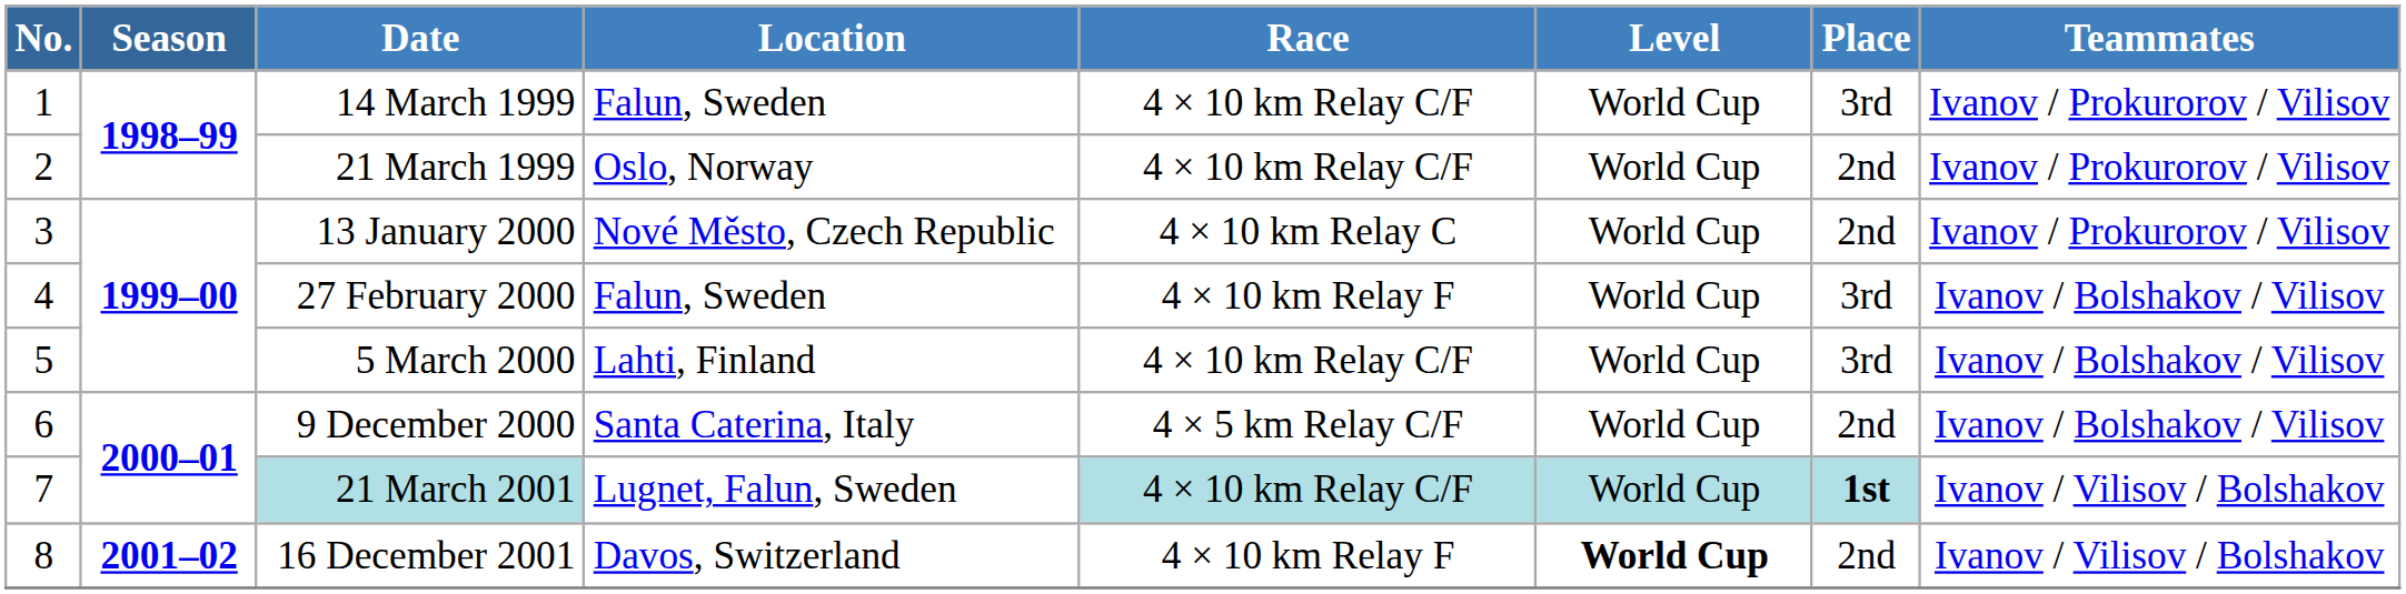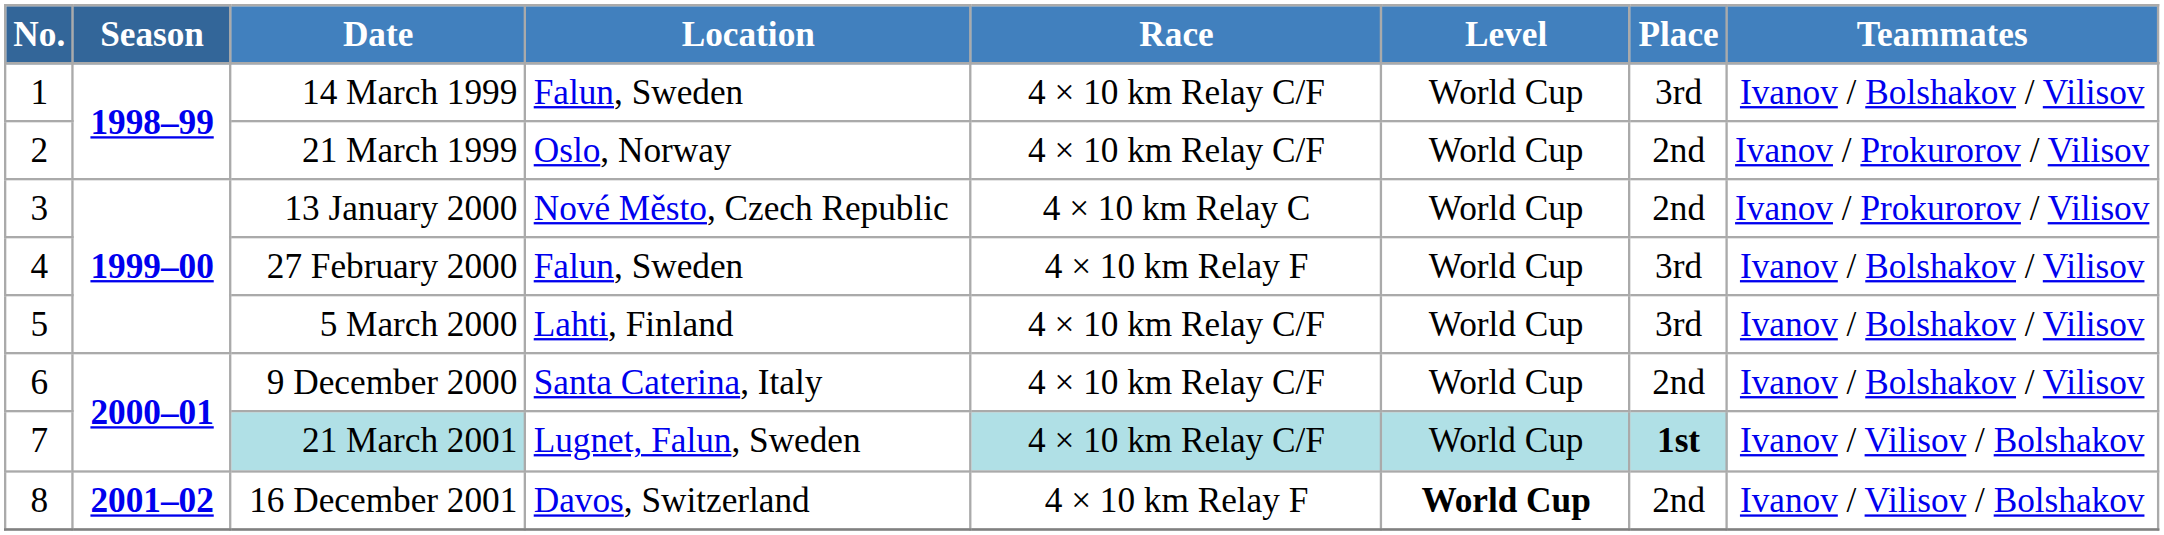 <table class="wikitable sortable" style="font-size:95%; text-align:center; border:grey solid 1px; border-collapse:collapse; background:#ffffff;">
 <tr style="background:#efefef;">
 <th style="background-color:#369; color:white;">No.</th>
 <th style="background-color:#369; color:white;">Season</th>
 <th style="background-color:#4180be; color:white; width:120px;">Date</th>
 <th style="background-color:#4180be; color:white; width:185px;">Location</th>
 <th style="background-color:#4180be; color:white; width:170px;">Race</th>
 <th style="background-color:#4180be; color:white; width:100px;">Level</th>
 <th style="background-color:#4180be; color:white;">Place</th>
 <th style="background-color:#4180be; color:white;">Teammates</th>
 </tr>
 <tr>
 </tr>
 <tr>
 <td align=center>1</td>
 <td rowspan=2 align=center><strong> <a href='#'>1998–99</a> </strong></td>
 <td align=right>14 March 1999</td>
 <td align=left> <a href='#'>Falun</a>, Sweden</td>
 <td>4 × 10 km Relay C/F</td>
 <td>World Cup</td>
 <td>3rd</td>
-<td><a href='#'>Ivanov</a>  / <a href='#'>Prokurorov</a> / <a href='#'>Vilisov</a></td>
+<td><a href='#'>Ivanov</a> / <a href='#'>Bolshakov</a> / <a href='#'>Vilisov</a></td>
 </tr>
 <tr>
 <td align=center>2</td>
 <td align=right>21 March 1999</td>
 <td align=left> <a href='#'>Oslo</a>, Norway</td>
 <td>4 × 10 km Relay C/F</td>
 <td>World Cup</td>
 <td>2nd</td>
 <td><a href='#'>Ivanov</a> / <a href='#'>Prokurorov</a> / <a href='#'>Vilisov</a></td>
 </tr>
 <tr>
 <td align=center>3</td>
 <td rowspan=3 align=center><strong> <a href='#'>1999–00</a> </strong></td>
 <td align=right>13 January 2000</td>
 <td align=left> <a href='#'>Nové Město</a>, Czech Republic</td>
 <td>4 × 10 km Relay C</td>
 <td>World Cup</td>
 <td>2nd</td>
 <td><a href='#'>Ivanov</a>  / <a href='#'>Prokurorov</a> / <a href='#'>Vilisov</a></td>
 </tr>
 <tr>
 <td align=center>4</td>
 <td align=right>27 February 2000</td>
 <td align=left> <a href='#'>Falun</a>, Sweden</td>
 <td>4 × 10 km Relay F</td>
 <td>World Cup</td>
 <td>3rd</td>
 <td><a href='#'>Ivanov</a> / <a href='#'>Bolshakov</a> / <a href='#'>Vilisov</a></td>
 </tr>
 <tr>
 <td align=center>5</td>
 <td align=right>5 March 2000</td>
 <td align=left> <a href='#'>Lahti</a>, Finland</td>
 <td>4 × 10 km Relay C/F</td>
 <td>World Cup</td>
 <td>3rd</td>
 <td><a href='#'>Ivanov</a> / <a href='#'>Bolshakov</a> / <a href='#'>Vilisov</a></td>
 </tr>
 <tr>
 <td align=center>6</td>
 <td rowspan=2 align=center><strong> <a href='#'>2000–01</a> </strong></td>
 <td align=right>9 December 2000</td>
 <td align=left> <a href='#'>Santa Caterina</a>, Italy</td>
-<td>4 × 5 km Relay C/F</td>
+<td>4 × 10 km Relay C/F</td>
 <td>World Cup</td>
 <td>2nd</td>
 <td><a href='#'>Ivanov</a> / <a href='#'>Bolshakov</a> / <a href='#'>Vilisov</a></td>
 </tr>
 <tr>
 <td align=center>7</td>
 <td bgcolor="#BOEOE6" align=right>21 March 2001</td>
 <td align=left> <a href='#'>Lugnet, Falun</a>, Sweden</td>
 <td bgcolor="#BOEOE6">4 × 10 km Relay C/F</td>
 <td bgcolor="#BOEOE6">World Cup</td>
 <td bgcolor="#BOEOE6"><strong>1st</strong></td>
 <td><a href='#'>Ivanov</a> / <a href='#'>Vilisov</a> / <a href='#'>Bolshakov</a></td>
 </tr>
 <tr>
 <td align=center>8</td>
 <td rowspan=1 align=center><strong> <a href='#'>2001–02</a> </strong></td>
 <td align=right>16 December 2001</td>
 <td align=left> <a href='#'>Davos</a>, Switzerland</td>
 <td>4 × 10 km Relay F</td>
 <td><strong>World Cup</strong></td>
 <td>2nd</td>
 <td><a href='#'>Ivanov</a> / <a href='#'>Vilisov</a> / <a href='#'>Bolshakov</a></td>
 </tr>
 <tr>
 </tr>
 </table>
